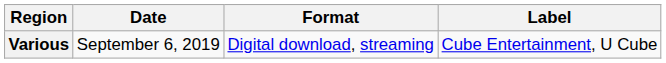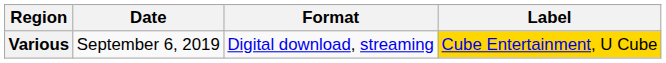 <table class="wikitable plainrowheaders">
 <tr>
 <th>Region</th>
 <th>Date</th>
 <th>Format</th>
 <th>Label</th>
 </tr>
 <tr>
 <th scope="row">Various</th>
 <td rowspan="2">September 6, 2019</td>
 <td rowspan="2"><a href='#'>Digital download</a>, <a href='#'>streaming</a></td>
-<td><a href='#'>Cube Entertainment</a>, U Cube</td>
+<td style="background: gold;"><a href='#'>Cube Entertainment</a>, U Cube</td>
 </tr>
 </table>
